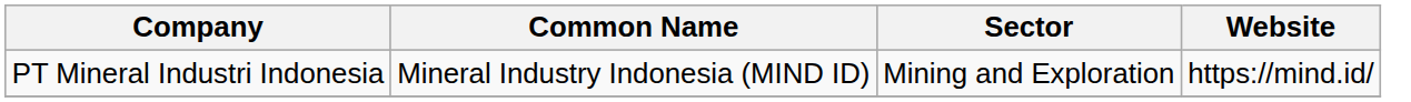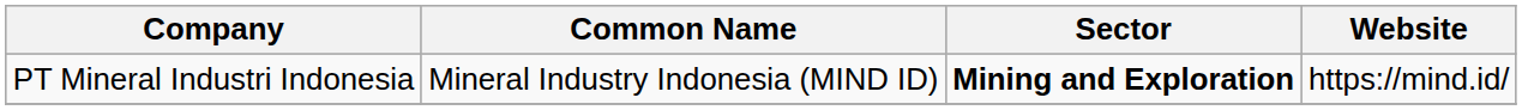 <table class="wikitable sortable">
 <tr>
 <th>Company</th>
 <th>Common Name</th>
 <th>Sector</th>
 <th>Website</th>
 </tr>
 <tr>
 <td>PT Mineral Industri Indonesia</td>
 <td>Mineral Industry Indonesia (MIND ID)</td>
-<td>Mining and Exploration</td>
+<td><strong>Mining and Exploration</strong></td>
 <td>https://mind.id/</td>
 </tr>
 <tr>
 </tr>
 </table>
